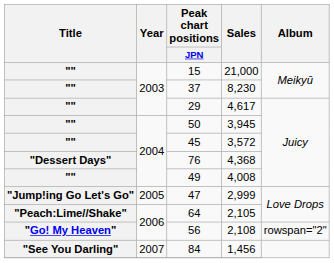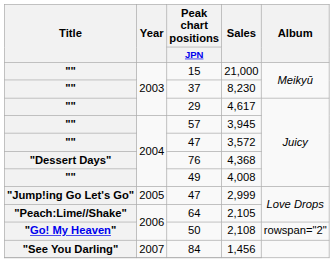 <table class="wikitable plainrowheaders" style="text-align:center;">
 <tr>
 <th scope="col" rowspan="2">Title</th>
 <th scope="col" rowspan="2">Year</th>
 <th colspan="1">Peak chart positions</th>
 <th scope="col" rowspan="2">Sales </th>
 <th scope="col" rowspan="2">Album</th>
 </tr>
 <tr>
 <th scope="col" style="width:2.5em;font-size:85%;"><a href='#'>JPN</a></th>
 </tr>
 <tr>
 <th scope="row">""</th>
 <td rowspan="3">2003</td>
 <td>15</td>
 <td>21,000</td>
 <td rowspan="2"><em>Meikyū</em></td>
 </tr>
 <tr>
 <th scope="row">""</th>
 <td>37</td>
 <td>8,230</td>
 </tr>
 <tr>
 <th scope="row">""</th>
 <td>29</td>
 <td>4,617</td>
 <td rowspan="5"><em>Juicy</em></td>
 </tr>
 <tr>
 <th scope="row">""</th>
 <td rowspan="4">2004</td>
-<td>50</td>
+<td>57</td>
 <td>3,945</td>
 </tr>
 <tr>
 <th scope="row">""</th>
-<td>45</td>
+<td>47</td>
 <td>3,572</td>
 </tr>
 <tr>
 <th scope="row">"Dessert Days"</th>
 <td>76</td>
 <td>4,368</td>
 </tr>
 <tr>
 <th scope="row">""</th>
 <td>49</td>
 <td>4,008</td>
 </tr>
 <tr>
 <th scope="row">"Jump!ing Go Let's Go"</th>
 <td rowspan="1">2005</td>
 <td>47</td>
 <td>2,999</td>
 <td rowspan="2"><em>Love Drops</em></td>
 </tr>
 <tr>
 <th scope="row">"Peach:Lime//Shake"</th>
 <td rowspan="2">2006</td>
 <td>64</td>
 <td>2,105</td>
 </tr>
 <tr>
 <th scope="row">"<a href='#'>Go! My Heaven</a>"</th>
-<td>56</td>
+<td>50</td>
 <td>2,108</td>
 <td>rowspan="2" </td>
 </tr>
 <tr>
 <th scope="row">"See You Darling"</th>
 <td>2007</td>
 <td>84</td>
 <td>1,456</td>
 </tr>
 <tr>
 </tr>
 </table>
